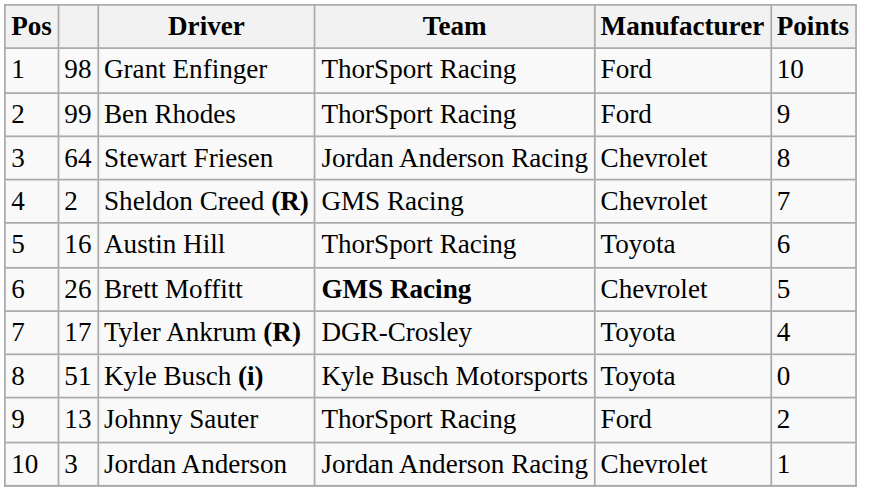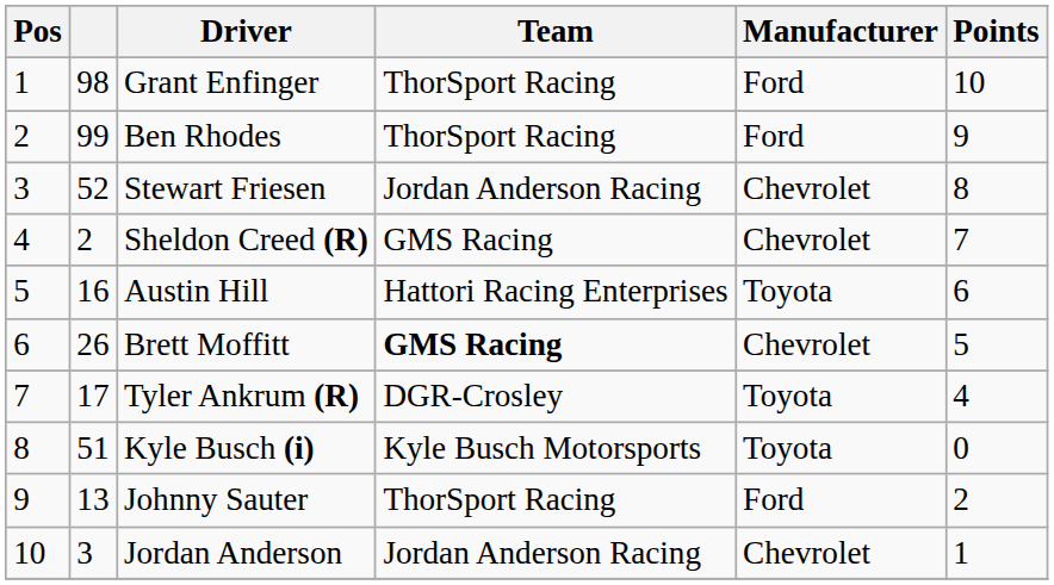 <table class="wikitable" style="font-size:98%">
 <tr>
 <th>Pos</th>
 <th></th>
 <th>Driver</th>
 <th>Team</th>
 <th>Manufacturer</th>
 <th>Points</th>
 </tr>
 <tr>
 <td>1</td>
 <td>98</td>
 <td>Grant Enfinger</td>
 <td>ThorSport Racing</td>
 <td>Ford</td>
 <td>10</td>
 </tr>
 <tr>
 <td>2</td>
 <td>99</td>
 <td>Ben Rhodes</td>
 <td>ThorSport Racing</td>
 <td>Ford</td>
 <td>9</td>
 </tr>
 <tr>
 <td>3</td>
-<td>64</td>
+<td>52</td>
 <td>Stewart Friesen</td>
 <td>Jordan Anderson Racing</td>
 <td>Chevrolet</td>
 <td>8</td>
 </tr>
 <tr>
 <td>4</td>
 <td>2</td>
 <td>Sheldon Creed <strong>(R)</strong></td>
 <td>GMS Racing</td>
 <td>Chevrolet</td>
 <td>7</td>
 </tr>
 <tr>
 <td>5</td>
 <td>16</td>
 <td>Austin Hill</td>
-<td>ThorSport Racing</td>
+<td>Hattori Racing Enterprises</td>
 <td>Toyota</td>
 <td>6</td>
 </tr>
 <tr>
 <td>6</td>
 <td>26</td>
 <td>Brett Moffitt</td>
 <td><strong>GMS Racing</strong></td>
 <td>Chevrolet</td>
 <td>5</td>
 </tr>
 <tr>
 <td>7</td>
 <td>17</td>
 <td>Tyler Ankrum <strong>(R)</strong></td>
 <td>DGR-Crosley</td>
 <td>Toyota</td>
 <td>4</td>
 </tr>
 <tr>
 <td>8</td>
 <td>51</td>
 <td>Kyle Busch <strong>(i)</strong></td>
 <td>Kyle Busch Motorsports</td>
 <td>Toyota</td>
 <td>0</td>
 </tr>
 <tr>
 <td>9</td>
 <td>13</td>
 <td>Johnny Sauter</td>
 <td>ThorSport Racing</td>
 <td>Ford</td>
 <td>2</td>
 </tr>
 <tr>
 <td>10</td>
 <td>3</td>
 <td>Jordan Anderson</td>
 <td>Jordan Anderson Racing</td>
 <td>Chevrolet</td>
 <td>1</td>
 </tr>
 <tr>
 </tr>
 </table>
